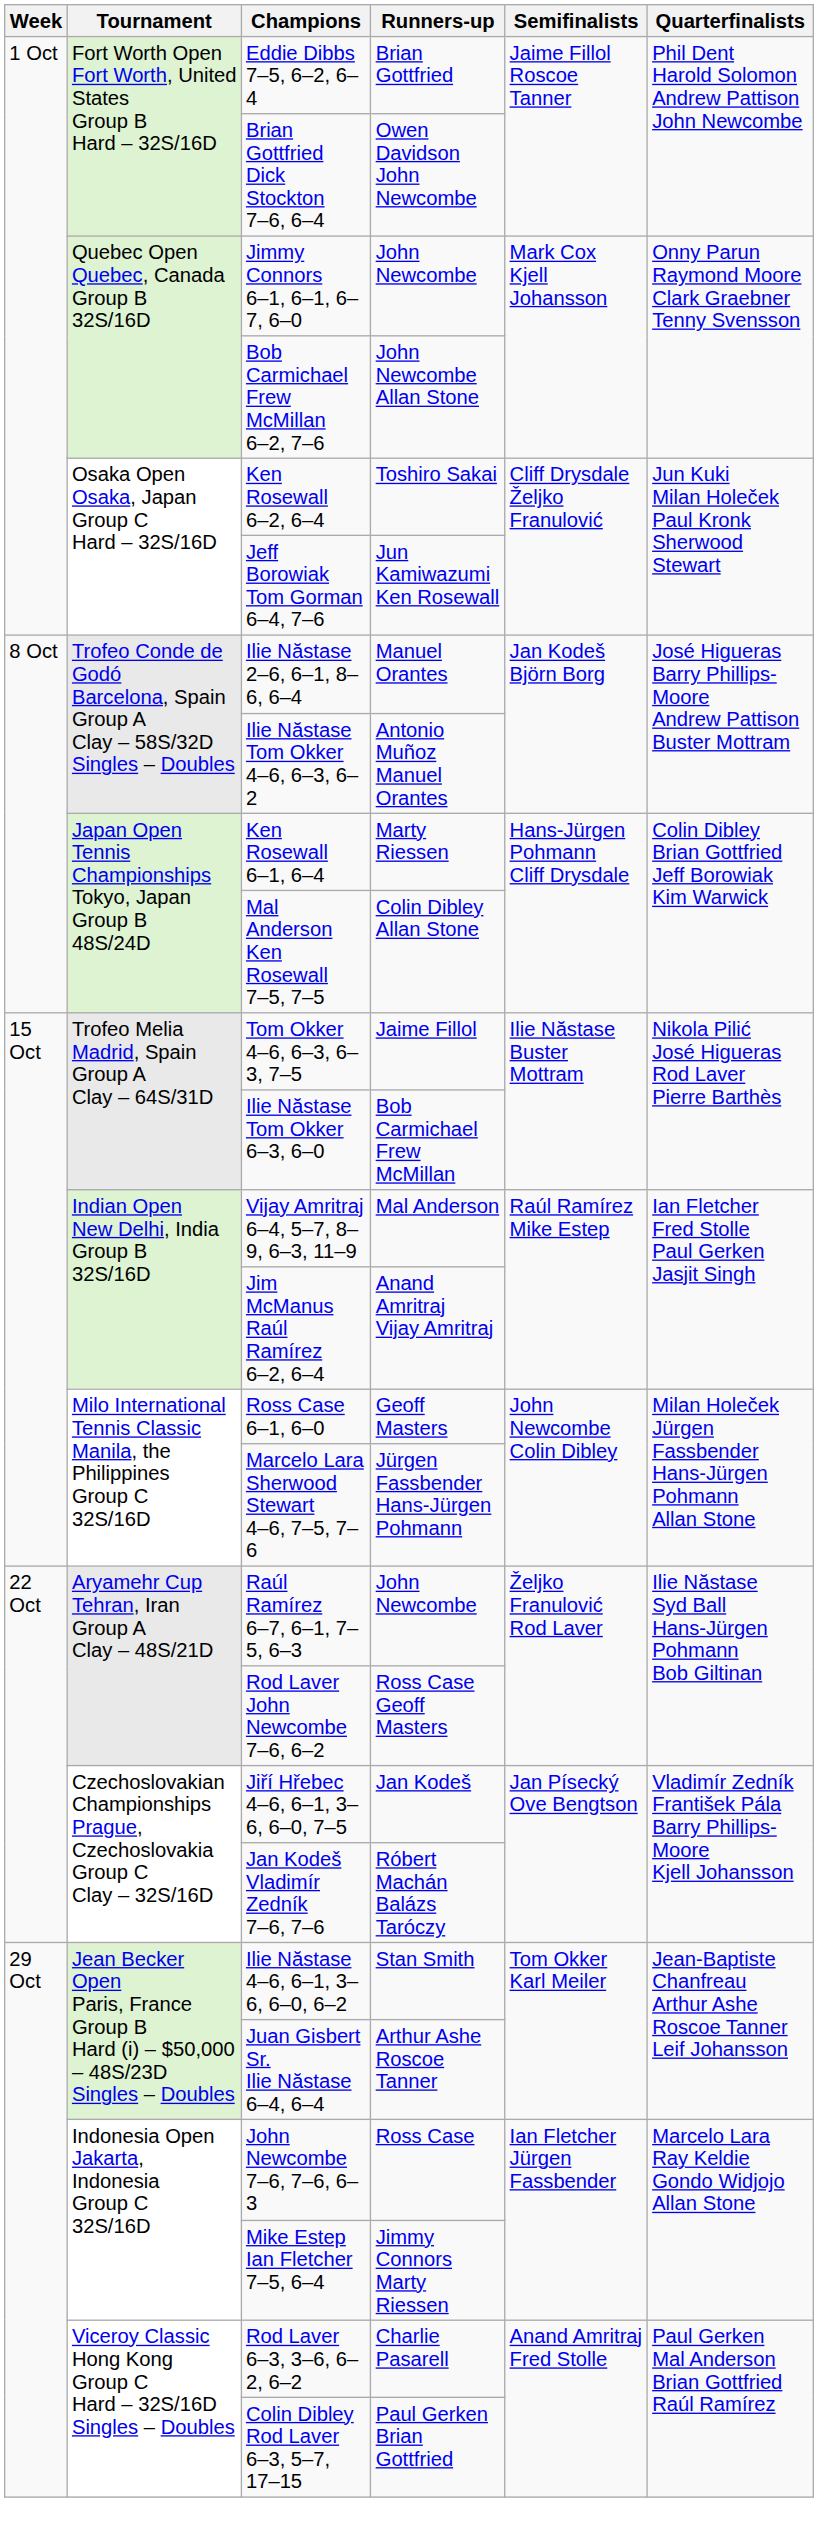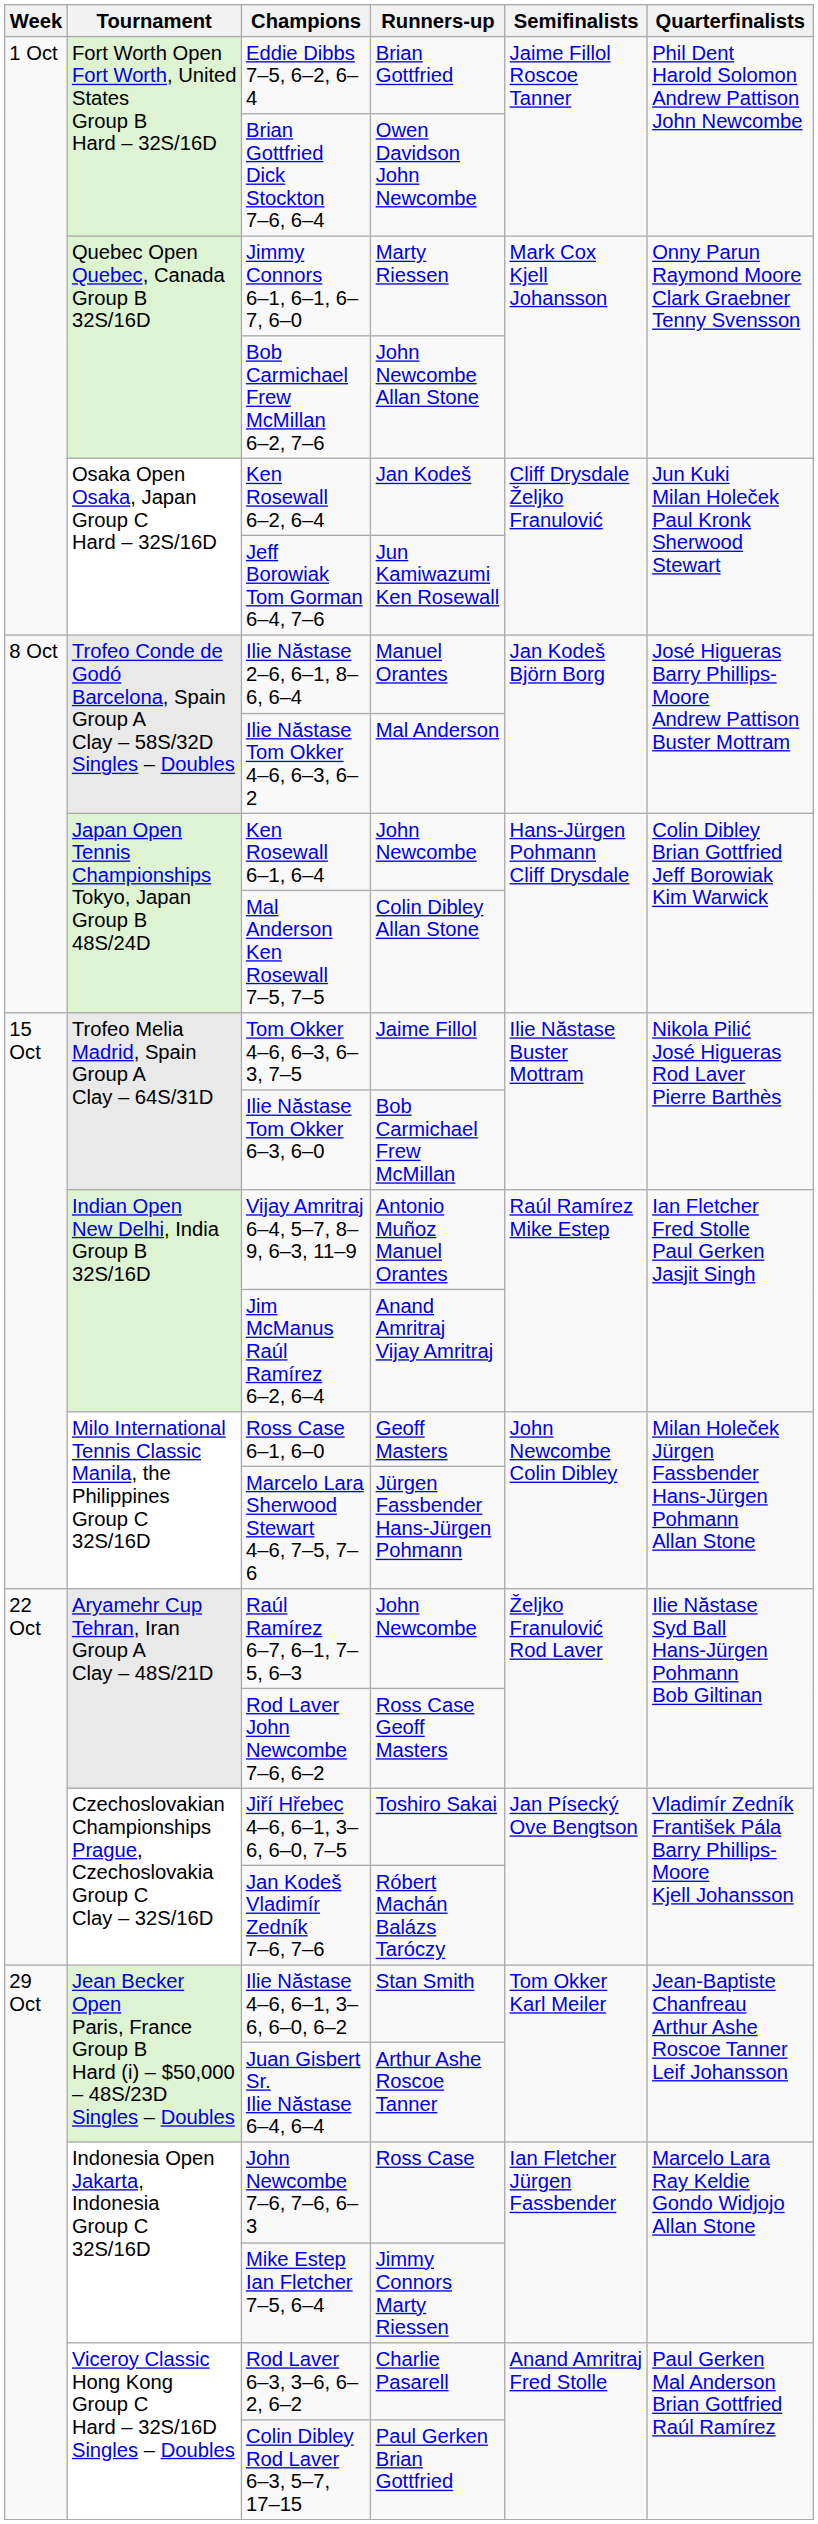 <table class=wikitable style=font-size:95%>
 <tr>
 <th style="width:48px;">Week</th>
 <th style="width:250px;">Tournament</th>
 <th style="width:200px;">Champions</th>
 <th style="width:200px;">Runners-up</th>
 <th style="width:190px;">Semifinalists</th>
 <th style="width:190px;">Quarterfinalists</th>
 </tr>
 <tr valign=top>
 <td rowspan=6>1 Oct</td>
 <td style="background:#DDF3D1 ;" rowspan="2">Fort Worth Open <br> <a href='#'>Fort Worth</a>, United States <br> Group B <br> Hard – 32S/16D</td>
 <td> <a href='#'>Eddie Dibbs</a> <br> 7–5, 6–2, 6–4</td>
 <td> <a href='#'>Brian Gottfried</a></td>
 <td rowspan=2> <a href='#'>Jaime Fillol</a> <br>  <a href='#'>Roscoe Tanner</a></td>
 <td rowspan=2> <a href='#'>Phil Dent</a> <br>  <a href='#'>Harold Solomon</a> <br>  <a href='#'>Andrew Pattison</a> <br>  <a href='#'>John Newcombe</a></td>
 </tr>
 <tr valign=top>
 <td> <a href='#'>Brian Gottfried</a> <br>  <a href='#'>Dick Stockton</a> <br> 7–6, 6–4</td>
 <td> <a href='#'>Owen Davidson</a> <br>  <a href='#'>John Newcombe</a></td>
 </tr>
 <tr valign=top>
 <td style="background:#DDF3D1 ;" rowspan="2">Quebec Open <br> <a href='#'>Quebec</a>, Canada <br> Group B <br> 32S/16D</td>
 <td> <a href='#'>Jimmy Connors</a> <br> 6–1, 6–1, 6–7, 6–0</td>
-<td> <a href='#'>John Newcombe</a></td>
+<td> <a href='#'>Marty Riessen</a></td>
 <td rowspan=2> <a href='#'>Mark Cox</a> <br>  <a href='#'>Kjell Johansson</a></td>
 <td rowspan=2> <a href='#'>Onny Parun</a> <br>  <a href='#'>Raymond Moore</a> <br>  <a href='#'>Clark Graebner</a> <br>  <a href='#'>Tenny Svensson</a></td>
 </tr>
 <tr valign=top>
 <td> <a href='#'>Bob Carmichael</a> <br>  <a href='#'>Frew McMillan</a> <br> 6–2, 7–6</td>
 <td> <a href='#'>John Newcombe</a> <br>  <a href='#'>Allan Stone</a></td>
 </tr>
 <tr valign=top>
 <td style="background:#fff;" rowspan="2">Osaka Open <br> <a href='#'>Osaka</a>, Japan <br> Group C <br> Hard – 32S/16D</td>
 <td> <a href='#'>Ken Rosewall</a> <br> 6–2, 6–4</td>
-<td> <a href='#'>Toshiro Sakai</a></td>
+<td> <a href='#'>Jan Kodeš</a></td>
 <td rowspan=2> <a href='#'>Cliff Drysdale</a> <br>  <a href='#'>Željko Franulović</a></td>
 <td rowspan=2> <a href='#'>Jun Kuki</a> <br>  <a href='#'>Milan Holeček</a> <br>  <a href='#'>Paul Kronk</a> <br>  <a href='#'>Sherwood Stewart</a></td>
 </tr>
 <tr valign=top>
 <td> <a href='#'>Jeff Borowiak</a> <br>  <a href='#'>Tom Gorman</a> <br> 6–4, 7–6</td>
 <td> <a href='#'>Jun Kamiwazumi</a> <br>  <a href='#'>Ken Rosewall</a></td>
 </tr>
 <tr valign=top>
 <td rowspan=4>8 Oct</td>
 <td style="background:#E9E9E9;" rowspan="2"><a href='#'>Trofeo Conde de Godó</a> <br> <a href='#'>Barcelona</a>, Spain <br> Group A <br> Clay – 58S/32D <br> <a href='#'>Singles</a> – <a href='#'>Doubles</a></td>
 <td> <a href='#'>Ilie Năstase</a> <br> 2–6, 6–1, 8–6, 6–4</td>
 <td> <a href='#'>Manuel Orantes</a></td>
 <td rowspan=2> <a href='#'>Jan Kodeš</a> <br>  <a href='#'>Björn Borg</a></td>
 <td rowspan=2> <a href='#'>José Higueras</a> <br>  <a href='#'>Barry Phillips-Moore</a> <br>  <a href='#'>Andrew Pattison</a> <br>  <a href='#'>Buster Mottram</a></td>
 </tr>
 <tr valign=top>
 <td> <a href='#'>Ilie Năstase</a> <br>  <a href='#'>Tom Okker</a> <br> 4–6, 6–3, 6–2</td>
-<td> <a href='#'>Antonio Muñoz</a> <br>  <a href='#'>Manuel Orantes</a></td>
+<td> <a href='#'>Mal Anderson</a></td>
 </tr>
 <tr valign=top>
 <td style="background:#DDF3D1 ;" rowspan=2><a href='#'>Japan Open Tennis Championships</a> <br> Tokyo, Japan <br> Group B <br> 48S/24D</td>
 <td> <a href='#'>Ken Rosewall</a> <br> 6–1, 6–4</td>
-<td> <a href='#'>Marty Riessen</a></td>
+<td> <a href='#'>John Newcombe</a></td>
 <td rowspan=2> <a href='#'>Hans-Jürgen Pohmann</a> <br>  <a href='#'>Cliff Drysdale</a></td>
 <td rowspan=2> <a href='#'>Colin Dibley</a> <br>  <a href='#'>Brian Gottfried</a> <br>  <a href='#'>Jeff Borowiak</a> <br>  <a href='#'>Kim Warwick</a></td>
 </tr>
 <tr valign=top>
 <td> <a href='#'>Mal Anderson</a> <br>  <a href='#'>Ken Rosewall</a> <br> 7–5, 7–5</td>
 <td> <a href='#'>Colin Dibley</a> <br>  <a href='#'>Allan Stone</a></td>
 </tr>
 <tr valign=top>
 <td rowspan=6>15 Oct</td>
 <td style="background:#E9E9E9;" rowspan="2">Trofeo Melia <br> <a href='#'>Madrid</a>, Spain <br> Group A <br> Clay – 64S/31D</td>
 <td> <a href='#'>Tom Okker</a> <br> 4–6, 6–3, 6–3, 7–5</td>
 <td> <a href='#'>Jaime Fillol</a></td>
 <td rowspan=2> <a href='#'>Ilie Năstase</a> <br>  <a href='#'>Buster Mottram</a></td>
 <td rowspan=2> <a href='#'>Nikola Pilić</a> <br>  <a href='#'>José Higueras</a> <br>  <a href='#'>Rod Laver</a> <br>  <a href='#'>Pierre Barthès</a></td>
 </tr>
 <tr valign=top>
 <td> <a href='#'>Ilie Năstase</a> <br>  <a href='#'>Tom Okker</a> <br> 6–3, 6–0</td>
 <td> <a href='#'>Bob Carmichael</a> <br>  <a href='#'>Frew McMillan</a></td>
 </tr>
 <tr valign=top>
 <td style="background:#DDF3D1 ;" rowspan=2><a href='#'>Indian Open</a> <br> <a href='#'>New Delhi</a>, India <br> Group B <br> 32S/16D</td>
 <td> <a href='#'>Vijay Amritraj</a> <br> 6–4, 5–7, 8–9, 6–3, 11–9</td>
-<td> <a href='#'>Mal Anderson</a></td>
+<td> <a href='#'>Antonio Muñoz</a> <br>  <a href='#'>Manuel Orantes</a></td>
 <td rowspan=2> <a href='#'>Raúl Ramírez</a> <br>  <a href='#'>Mike Estep</a></td>
 <td rowspan=2> <a href='#'>Ian Fletcher</a> <br>  <a href='#'>Fred Stolle</a> <br>  <a href='#'>Paul Gerken</a> <br>  <a href='#'>Jasjit Singh</a></td>
 </tr>
 <tr valign=top>
 <td> <a href='#'>Jim McManus</a> <br>  <a href='#'>Raúl Ramírez</a> <br> 6–2, 6–4</td>
 <td> <a href='#'>Anand Amritraj</a> <br>  <a href='#'>Vijay Amritraj</a></td>
 </tr>
 <tr valign=top>
 <td style="background:#fff;" rowspan=2><a href='#'>Milo International Tennis Classic</a> <br> <a href='#'>Manila</a>, the Philippines <br> Group C <br> 32S/16D</td>
 <td> <a href='#'>Ross Case</a> <br> 6–1, 6–0</td>
 <td> <a href='#'>Geoff Masters</a></td>
 <td rowspan=2> <a href='#'>John Newcombe</a> <br>  <a href='#'>Colin Dibley</a></td>
 <td rowspan=2> <a href='#'>Milan Holeček</a> <br>  <a href='#'>Jürgen Fassbender</a> <br>  <a href='#'>Hans-Jürgen Pohmann</a> <br>  <a href='#'>Allan Stone</a></td>
 </tr>
 <tr valign=top>
 <td> <a href='#'>Marcelo Lara</a> <br>  <a href='#'>Sherwood Stewart</a> <br> 4–6, 7–5, 7–6</td>
 <td> <a href='#'>Jürgen Fassbender</a> <br>  <a href='#'>Hans-Jürgen Pohmann</a></td>
 </tr>
 <tr valign=top>
 <td rowspan=4>22 Oct</td>
 <td style="background:#E9E9E9 ;" rowspan="2"><a href='#'>Aryamehr Cup</a> <br> <a href='#'>Tehran</a>, Iran <br> Group A <br> Clay – 48S/21D</td>
 <td> <a href='#'>Raúl Ramírez</a> <br> 6–7, 6–1, 7–5, 6–3</td>
 <td> <a href='#'>John Newcombe</a></td>
 <td rowspan=2> <a href='#'>Željko Franulović</a> <br>  <a href='#'>Rod Laver</a></td>
 <td rowspan=2> <a href='#'>Ilie Năstase</a> <br>  <a href='#'>Syd Ball</a> <br>  <a href='#'>Hans-Jürgen Pohmann</a> <br>  <a href='#'>Bob Giltinan</a></td>
 </tr>
 <tr valign=top>
 <td> <a href='#'>Rod Laver</a> <br>  <a href='#'>John Newcombe</a> <br> 7–6, 6–2</td>
 <td> <a href='#'>Ross Case</a> <br>  <a href='#'>Geoff Masters</a></td>
 </tr>
 <tr valign=top>
 <td style="background:#fff;" rowspan=2>Czechoslovakian Championships <br> <a href='#'>Prague</a>, Czechoslovakia <br> Group C <br> Clay – 32S/16D</td>
 <td> <a href='#'>Jiří Hřebec</a> <br> 4–6, 6–1, 3–6, 6–0, 7–5</td>
-<td> <a href='#'>Jan Kodeš</a></td>
+<td> <a href='#'>Toshiro Sakai</a></td>
 <td rowspan=2> <a href='#'>Jan Písecký</a> <br>  <a href='#'>Ove Bengtson</a></td>
 <td rowspan=2> <a href='#'>Vladimír Zedník</a> <br>  <a href='#'>František Pála</a> <br>  <a href='#'>Barry Phillips-Moore</a> <br>  <a href='#'>Kjell Johansson</a></td>
 </tr>
 <tr valign=top>
 <td> <a href='#'>Jan Kodeš</a> <br>  <a href='#'>Vladimír Zedník</a> <br> 7–6, 7–6</td>
 <td> <a href='#'>Róbert Machán</a> <br>  <a href='#'>Balázs Taróczy</a></td>
 </tr>
 <tr valign=top>
 <td rowspan=6>29 Oct</td>
 <td style="background:#DDF3D1 ;" rowspan="2"><a href='#'>Jean Becker Open</a> <br> Paris, France <br> Group B <br>Hard (i) – $50,000 – 48S/23D <br> <a href='#'>Singles</a> – <a href='#'>Doubles</a></td>
 <td> <a href='#'>Ilie Năstase</a> <br> 4–6, 6–1, 3–6, 6–0, 6–2</td>
 <td> <a href='#'>Stan Smith</a></td>
 <td rowspan=2> <a href='#'>Tom Okker</a> <br>  <a href='#'>Karl Meiler</a></td>
 <td rowspan=2> <a href='#'>Jean-Baptiste Chanfreau</a> <br>  <a href='#'>Arthur Ashe</a> <br>  <a href='#'>Roscoe Tanner</a> <br>  <a href='#'>Leif Johansson</a></td>
 </tr>
 <tr valign=top>
 <td> <a href='#'>Juan Gisbert Sr.</a> <br>  <a href='#'>Ilie Năstase</a> <br> 6–4, 6–4</td>
 <td> <a href='#'>Arthur Ashe</a> <br>  <a href='#'>Roscoe Tanner</a></td>
 </tr>
 <tr valign=top>
 <td style="background:#fff;" rowspan=2>Indonesia Open <br> <a href='#'>Jakarta</a>, Indonesia <br> Group C <br> 32S/16D</td>
 <td> <a href='#'>John Newcombe</a> <br> 7–6, 7–6, 6–3</td>
 <td> <a href='#'>Ross Case</a></td>
 <td rowspan=2> <a href='#'>Ian Fletcher</a> <br>  <a href='#'>Jürgen Fassbender</a></td>
 <td rowspan=2> <a href='#'>Marcelo Lara</a> <br>  <a href='#'>Ray Keldie</a> <br>  <a href='#'>Gondo Widjojo</a> <br>  <a href='#'>Allan Stone</a></td>
 </tr>
 <tr valign=top>
 <td> <a href='#'>Mike Estep</a> <br>  <a href='#'>Ian Fletcher</a> <br> 7–5, 6–4</td>
 <td> <a href='#'>Jimmy Connors</a> <br>  <a href='#'>Marty Riessen</a></td>
 </tr>
 <tr valign=top>
 <td style="background:#fff;" rowspan="2"><a href='#'>Viceroy Classic</a> <br> Hong Kong <br> Group C <br> Hard – 32S/16D <br> <a href='#'>Singles</a> – <a href='#'>Doubles</a></td>
 <td> <a href='#'>Rod Laver</a> <br> 6–3, 3–6, 6–2, 6–2</td>
 <td> <a href='#'>Charlie Pasarell</a></td>
 <td rowspan=2> <a href='#'>Anand Amritraj</a> <br>  <a href='#'>Fred Stolle</a></td>
 <td rowspan=2> <a href='#'>Paul Gerken</a> <br>  <a href='#'>Mal Anderson</a> <br>  <a href='#'>Brian Gottfried</a> <br>  <a href='#'>Raúl Ramírez</a></td>
 </tr>
 <tr valign=top>
 <td> <a href='#'>Colin Dibley</a> <br>  <a href='#'>Rod Laver</a> <br> 6–3, 5–7, 17–15</td>
 <td> <a href='#'>Paul Gerken</a> <br>  <a href='#'>Brian Gottfried</a></td>
 </tr>
 </table>
